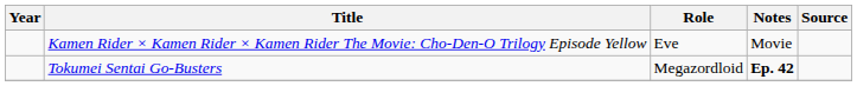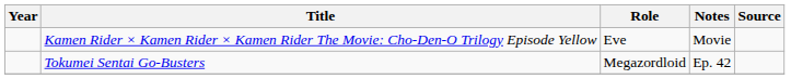 <table class="wikitable sortable plainrowheaders">
 <tr>
 <th>Year</th>
 <th>Title</th>
 <th>Role</th>
 <th class="unsortable">Notes</th>
 <th class="unsortable">Source</th>
 </tr>
 <tr>
 <td></td>
 <td><em><a href='#'>Kamen Rider × Kamen Rider × Kamen Rider The Movie: Cho-Den-O Trilogy</a> Episode Yellow</em></td>
 <td>Eve</td>
 <td>Movie</td>
 <td></td>
 </tr>
 <tr>
 <td></td>
 <td><em><a href='#'>Tokumei Sentai Go-Busters</a></em></td>
 <td>Megazordloid</td>
-<td><strong>Ep. 42</strong></td>
+<td>Ep. 42</td>
 <td></td>
 </tr>
 <tr>
 </tr>
 </table>
